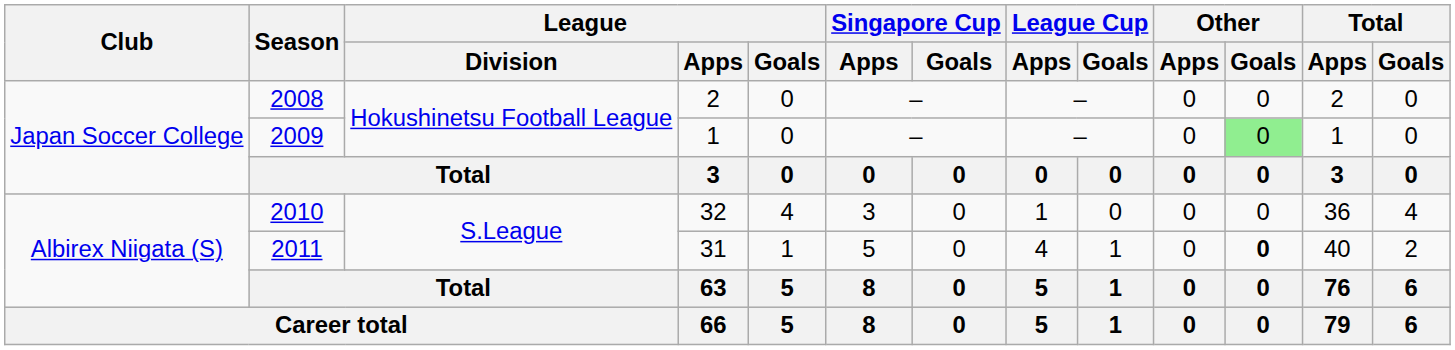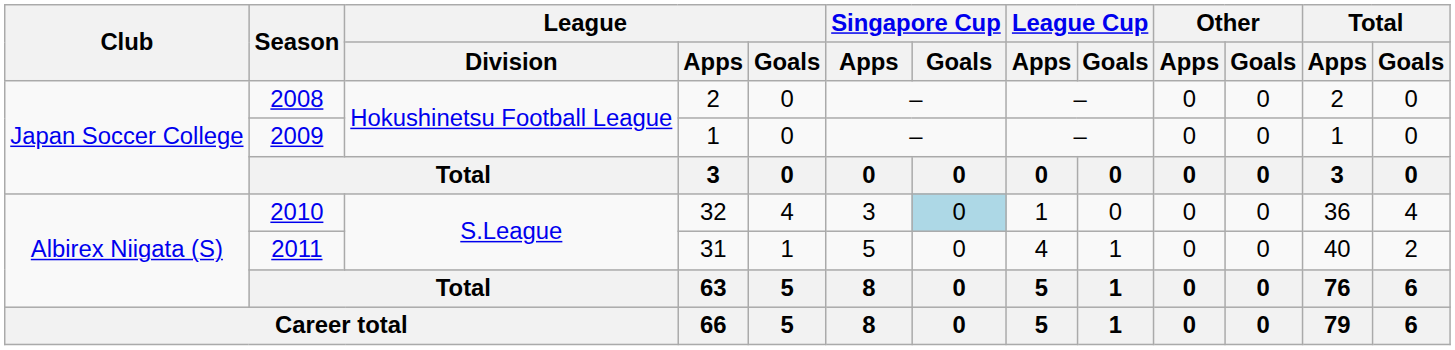 <table class="wikitable" style="text-align: center">
 <tr>
 <th rowspan="2">Club</th>
 <th rowspan="2">Season</th>
 <th colspan="3">League</th>
 <th colspan="2"><a href='#'>Singapore Cup</a></th>
 <th colspan="2"><a href='#'>League Cup</a></th>
 <th colspan="2">Other</th>
 <th colspan="2">Total</th>
 </tr>
 <tr>
 <th>Division</th>
 <th>Apps</th>
 <th>Goals</th>
 <th>Apps</th>
 <th>Goals</th>
 <th>Apps</th>
 <th>Goals</th>
 <th>Apps</th>
 <th>Goals</th>
 <th>Apps</th>
 <th>Goals</th>
 </tr>
 <tr>
 <td rowspan="3"><a href='#'>Japan Soccer College</a></td>
 <td><a href='#'>2008</a></td>
 <td rowspan="2"><a href='#'>Hokushinetsu Football League</a></td>
 <td>2</td>
 <td>0</td>
 <td colspan="2">–</td>
 <td colspan="2">–</td>
 <td>0</td>
 <td>0</td>
 <td>2</td>
 <td>0</td>
 </tr>
 <tr>
 <td><a href='#'>2009</a></td>
 <td>1</td>
 <td>0</td>
 <td colspan="2">–</td>
 <td colspan="2">–</td>
 <td>0</td>
-<td style="background: lightgreen;">0</td>
+<td>0</td>
 <td>1</td>
 <td>0</td>
 </tr>
 <tr>
 <th colspan=2>Total</th>
 <th>3</th>
 <th>0</th>
 <th>0</th>
 <th>0</th>
 <th>0</th>
 <th>0</th>
 <th>0</th>
 <th>0</th>
 <th>3</th>
 <th>0</th>
 </tr>
 <tr>
 <td rowspan="3"><a href='#'>Albirex Niigata (S)</a></td>
 <td><a href='#'>2010</a></td>
 <td rowspan="2"><a href='#'>S.League</a></td>
 <td>32</td>
 <td>4</td>
 <td>3</td>
-<td>0</td>
+<td style="background: lightblue;">0</td>
 <td>1</td>
 <td>0</td>
 <td>0</td>
 <td>0</td>
 <td>36</td>
 <td>4</td>
 </tr>
 <tr>
 <td><a href='#'>2011</a></td>
 <td>31</td>
 <td>1</td>
 <td>5</td>
 <td>0</td>
 <td>4</td>
 <td>1</td>
 <td>0</td>
-<td><strong>0</strong></td>
+<td>0</td>
 <td>40</td>
 <td>2</td>
 </tr>
 <tr>
 <th colspan=2>Total</th>
 <th>63</th>
 <th>5</th>
 <th>8</th>
 <th>0</th>
 <th>5</th>
 <th>1</th>
 <th>0</th>
 <th>0</th>
 <th>76</th>
 <th>6</th>
 </tr>
 <tr>
 <th colspan=3>Career total</th>
 <th>66</th>
 <th>5</th>
 <th>8</th>
 <th>0</th>
 <th>5</th>
 <th>1</th>
 <th>0</th>
 <th>0</th>
 <th>79</th>
 <th>6</th>
 </tr>
 </table>
